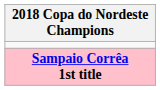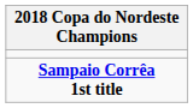 <table class="wikitable" style="text-align: center; margin: 0 auto; width: 20%">
 <tr>
 <th>2018 Copa do Nordeste<br>Champions</th>
 </tr>
 <tr>
 <td></td>
 </tr>
 <tr>
-<td style="background: pink;"><strong><a href='#'>Sampaio Corrêa</a></strong><br><strong>1st title</strong></td>
+<td><strong><a href='#'>Sampaio Corrêa</a></strong><br><strong>1st title</strong></td>
 </tr>
 </table>
